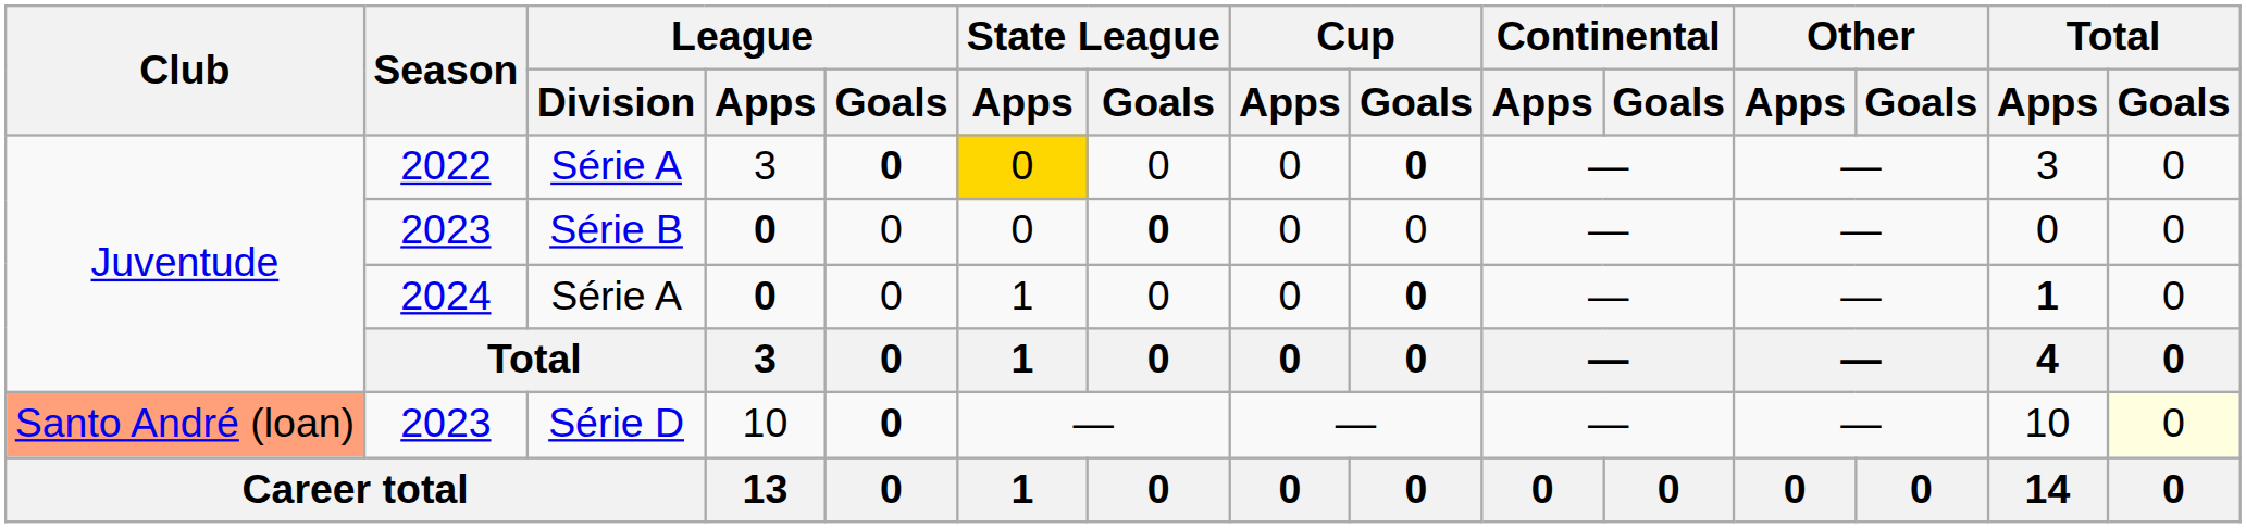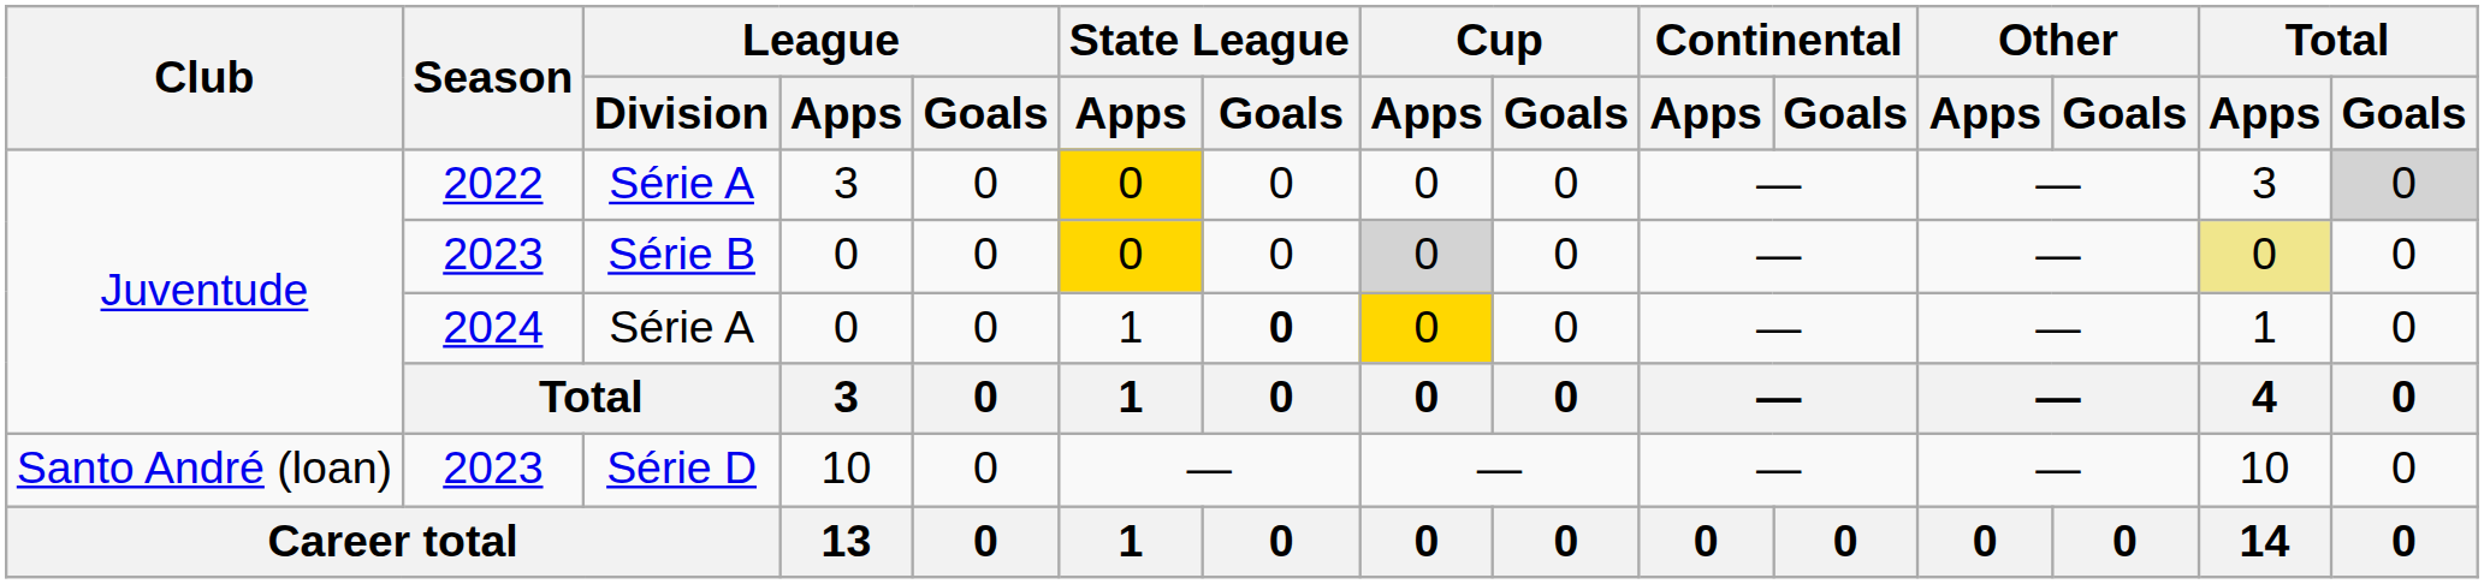 <table class="wikitable" style="text-align: center;">
 <tr>
 <th rowspan="2">Club</th>
 <th rowspan="2">Season</th>
 <th colspan="3">League</th>
 <th colspan="2">State League</th>
 <th colspan="2">Cup</th>
 <th colspan="2">Continental</th>
 <th colspan="2">Other</th>
 <th colspan="2">Total</th>
 </tr>
 <tr>
 <th>Division</th>
 <th>Apps</th>
 <th>Goals</th>
 <th>Apps</th>
 <th>Goals</th>
 <th>Apps</th>
 <th>Goals</th>
 <th>Apps</th>
 <th>Goals</th>
 <th>Apps</th>
 <th>Goals</th>
 <th>Apps</th>
 <th>Goals</th>
 </tr>
 <tr>
 <td rowspan="4"><a href='#'>Juventude</a></td>
 <td><a href='#'>2022</a></td>
 <td><a href='#'>Série A</a></td>
 <td>3</td>
-<td><strong>0</strong></td>
+<td>0</td>
 <td style="background: gold;">0</td>
 <td>0</td>
 <td>0</td>
-<td><strong>0</strong></td>
+<td>0</td>
 <td colspan=2>—</td>
 <td colspan=2>—</td>
 <td>3</td>
-<td>0</td>
+<td style="background: lightgrey;">0</td>
 </tr>
 <tr>
 <td><a href='#'>2023</a></td>
 <td><a href='#'>Série B</a></td>
-<td><strong>0</strong></td>
 <td>0</td>
 <td>0</td>
-<td><strong>0</strong></td>
+<td style="background: gold;">0</td>
 <td>0</td>
+<td style="background: lightgrey;">0</td>
 <td>0</td>
 <td colspan=2>—</td>
 <td colspan=2>—</td>
-<td>0</td>
+<td style="background: khaki;">0</td>
 <td>0</td>
 </tr>
 <tr>
 <td><a href='#'>2024</a></td>
 <td>Série A</td>
-<td><strong>0</strong></td>
+<td>0</td>
 <td>0</td>
 <td>1</td>
+<td><strong>0</strong></td>
+<td style="background: gold;">0</td>
 <td>0</td>
-<td>0</td>
-<td><strong>0</strong></td>
 <td colspan=2>—</td>
 <td colspan=2>—</td>
-<td><strong>1</strong></td>
+<td>1</td>
 <td>0</td>
 </tr>
 <tr>
 <th colspan=2>Total</th>
 <th>3</th>
 <th>0</th>
 <th>1</th>
 <th>0</th>
 <th>0</th>
 <th>0</th>
 <th colspan=2>—</th>
 <th colspan=2>—</th>
 <th>4</th>
 <th>0</th>
 </tr>
 <tr>
-<td style="background: lightsalmon;"><a href='#'>Santo André</a> (loan)</td>
+<td><a href='#'>Santo André</a> (loan)</td>
 <td><a href='#'>2023</a></td>
 <td><a href='#'>Série D</a></td>
 <td>10</td>
-<td><strong>0</strong></td>
+<td>0</td>
 <td colspan=2>—</td>
 <td colspan=2>—</td>
 <td colspan=2>—</td>
 <td colspan=2>—</td>
 <td>10</td>
-<td style="background: lightyellow;">0</td>
+<td>0</td>
 </tr>
 <tr>
 <th colspan=3><strong>Career total</strong></th>
 <th>13</th>
 <th>0</th>
 <th>1</th>
 <th>0</th>
 <th>0</th>
 <th>0</th>
 <th>0</th>
 <th>0</th>
 <th>0</th>
 <th>0</th>
 <th>14</th>
 <th>0</th>
 </tr>
 </table>
